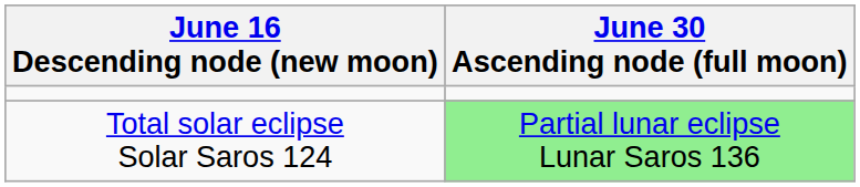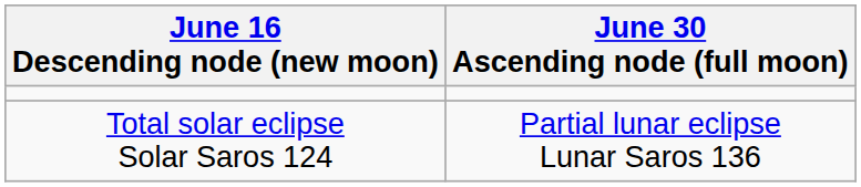 <table class="wikitable">
 <tr>
 <th><a href='#'>June 16</a><br>Descending node (new moon)<br></th>
 <th><a href='#'>June 30</a><br>Ascending node (full moon)<br></th>
 </tr>
 <tr>
 <td></td>
 <td></td>
 </tr>
 <tr align=center>
 <td><a href='#'>Total solar eclipse</a><br>Solar Saros 124</td>
-<td style="background: lightgreen;"><a href='#'>Partial lunar eclipse</a><br>Lunar Saros 136</td>
+<td><a href='#'>Partial lunar eclipse</a><br>Lunar Saros 136</td>
 </tr>
 </table>
